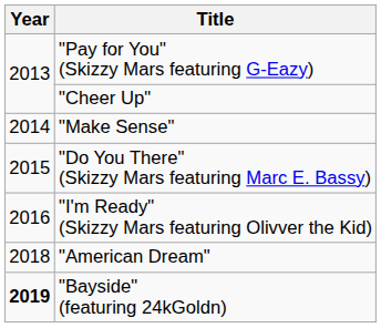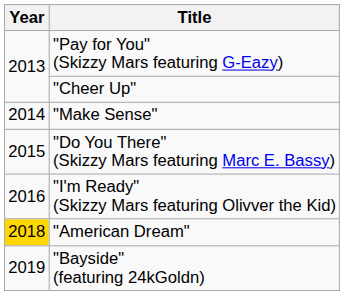 <table class="wikitable">
 <tr>
 <th>Year</th>
 <th>Title</th>
 </tr>
 <tr>
 <td rowspan="2">2013</td>
 <td>"Pay for You"<br><span>(Skizzy Mars featuring <a href='#'>G-Eazy</a>)</span></td>
 </tr>
 <tr>
 <td>"Cheer Up"</td>
 </tr>
 <tr>
 <td>2014</td>
 <td>"Make Sense"</td>
 </tr>
 <tr>
 <td>2015</td>
 <td>"Do You There"<br><span>(Skizzy Mars featuring <a href='#'>Marc E. Bassy</a>)</span></td>
 </tr>
 <tr>
 <td>2016</td>
 <td>"I'm Ready"<br><span>(Skizzy Mars featuring Olivver the Kid)</span></td>
 </tr>
 <tr>
-<td>2018</td>
+<td style="background: gold;">2018</td>
 <td>"American Dream"</td>
 </tr>
 <tr>
-<td><strong>2019</strong></td>
+<td>2019</td>
 <td>"Bayside"<br><span>(featuring 24kGoldn)</span></td>
 </tr>
 </table>
